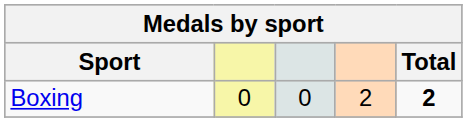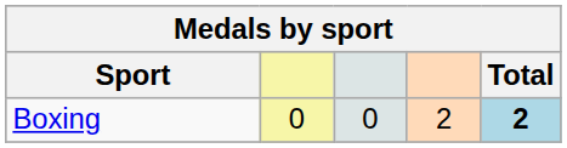 <table class="wikitable" style="font-size:90%; text-align:center;">
 <tr>
 <th colspan="5">Medals by sport</th>
 </tr>
 <tr>
 <th width="120">Sport</th>
 <th scope="col" width="30" style="background:#F7F6A8;"></th>
 <th scope="col" width="30" style="background:#DCE5E5;"></th>
 <th scope="col" width="30" style="background:#FFDAB9;"></th>
 <th width="30">Total</th>
 </tr>
 <tr>
 <td align="left"><a href='#'>Boxing</a></td>
 <td style="background:#F7F6A8;">0</td>
 <td style="background:#DCE5E5;">0</td>
 <td style="background:#FFDAB9;">2</td>
-<td><strong>2</strong></td>
+<td style="background: lightblue;"><strong>2</strong></td>
 </tr>
 </table>
